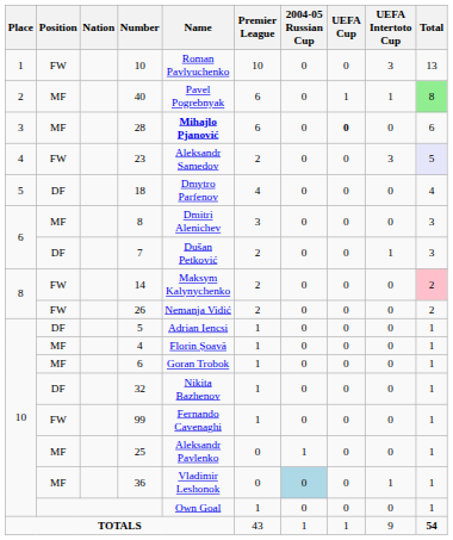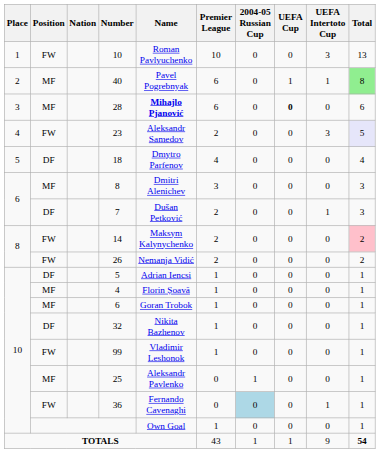 <table class="wikitable" style="font-size: 95%; text-align: center;">
 <tr>
 <th width=60>Place</th>
 <th width=60>Position</th>
 <th width=60>Nation</th>
 <th width=60>Number</th>
 <th width=150>Name</th>
 <th width=150>Premier League</th>
 <th width=150>2004-05 Russian Cup</th>
 <th width=150>UEFA Cup</th>
 <th width=150>UEFA Intertoto Cup</th>
 <th width=80>Total</th>
 </tr>
 <tr>
 <td>1</td>
 <td>FW</td>
 <td></td>
 <td>10</td>
 <td><a href='#'>Roman Pavlyuchenko</a></td>
 <td>10</td>
 <td>0</td>
 <td>0</td>
 <td>3</td>
 <td>13</td>
 </tr>
 <tr>
 <td>2</td>
 <td>MF</td>
 <td></td>
 <td>40</td>
 <td><a href='#'>Pavel Pogrebnyak</a></td>
 <td>6</td>
 <td>0</td>
 <td>1</td>
 <td>1</td>
 <td style="background: lightgreen;">8</td>
 </tr>
 <tr>
 <td>3</td>
 <td>MF</td>
 <td></td>
 <td>28</td>
 <td><strong><a href='#'>Mihajlo Pjanović</a></strong></td>
 <td>6</td>
 <td>0</td>
 <td><strong>0</strong></td>
 <td>0</td>
 <td>6</td>
 </tr>
 <tr>
 <td>4</td>
 <td>FW</td>
 <td></td>
 <td>23</td>
 <td><a href='#'>Aleksandr Samedov</a></td>
 <td>2</td>
 <td>0</td>
 <td>0</td>
 <td>3</td>
 <td style="background: lavender;">5</td>
 </tr>
 <tr>
 <td>5</td>
 <td>DF</td>
 <td></td>
 <td>18</td>
 <td><a href='#'>Dmytro Parfenov</a></td>
 <td>4</td>
 <td>0</td>
 <td>0</td>
 <td>0</td>
 <td>4</td>
 </tr>
 <tr>
 <td rowspan="2">6</td>
 <td>MF</td>
 <td></td>
 <td>8</td>
 <td><a href='#'>Dmitri Alenichev</a></td>
 <td>3</td>
 <td>0</td>
 <td>0</td>
 <td>0</td>
 <td>3</td>
 </tr>
 <tr>
 <td>DF</td>
 <td></td>
 <td>7</td>
 <td><a href='#'>Dušan Petković</a></td>
 <td>2</td>
 <td>0</td>
 <td>0</td>
 <td>1</td>
 <td>3</td>
 </tr>
 <tr>
 <td rowspan="2">8</td>
 <td>FW</td>
 <td></td>
 <td>14</td>
 <td><a href='#'>Maksym Kalynychenko</a></td>
 <td>2</td>
 <td>0</td>
 <td>0</td>
 <td>0</td>
 <td style="background: pink;">2</td>
 </tr>
 <tr>
 <td>FW</td>
 <td></td>
 <td>26</td>
 <td><a href='#'>Nemanja Vidić</a></td>
 <td>2</td>
 <td>0</td>
 <td>0</td>
 <td>0</td>
 <td>2</td>
 </tr>
 <tr>
 <td rowspan="8">10</td>
 <td>DF</td>
 <td></td>
 <td>5</td>
 <td><a href='#'>Adrian Iencsi</a></td>
 <td>1</td>
 <td>0</td>
 <td>0</td>
 <td>0</td>
 <td>1</td>
 </tr>
 <tr>
 <td>MF</td>
 <td></td>
 <td>4</td>
 <td><a href='#'>Florin Șoavă</a></td>
 <td>1</td>
 <td>0</td>
 <td>0</td>
 <td>0</td>
 <td>1</td>
 </tr>
 <tr>
 <td>MF</td>
 <td></td>
 <td>6</td>
 <td><a href='#'>Goran Trobok</a></td>
 <td>1</td>
 <td>0</td>
 <td>0</td>
 <td>0</td>
 <td>1</td>
 </tr>
 <tr>
 <td>DF</td>
 <td></td>
 <td>32</td>
 <td><a href='#'>Nikita Bazhenov</a></td>
 <td>1</td>
 <td>0</td>
 <td>0</td>
 <td>0</td>
 <td>1</td>
 </tr>
 <tr>
 <td>FW</td>
 <td></td>
 <td>99</td>
-<td><a href='#'>Fernando Cavenaghi</a></td>
+<td><a href='#'>Vladimir Leshonok</a></td>
 <td>1</td>
 <td>0</td>
 <td>0</td>
 <td>0</td>
 <td>1</td>
 </tr>
 <tr>
 <td>MF</td>
 <td></td>
 <td>25</td>
 <td><a href='#'>Aleksandr Pavlenko</a></td>
 <td>0</td>
 <td>1</td>
 <td>0</td>
 <td>0</td>
 <td>1</td>
 </tr>
 <tr>
-<td>MF</td>
+<td>FW</td>
 <td></td>
 <td>36</td>
-<td><a href='#'>Vladimir Leshonok</a></td>
+<td><a href='#'>Fernando Cavenaghi</a></td>
 <td>0</td>
 <td style="background: lightblue;">0</td>
 <td>0</td>
 <td>1</td>
 <td>1</td>
 </tr>
 <tr>
 <td colspan="3"></td>
 <td><a href='#'>Own Goal</a></td>
 <td>1</td>
 <td>0</td>
 <td>0</td>
 <td>0</td>
 <td>1</td>
 </tr>
 <tr>
 <td colspan="5"><strong>TOTALS</strong></td>
 <td>43</td>
 <td>1</td>
 <td>1</td>
 <td>9</td>
 <td><strong>54</strong></td>
 </tr>
 </table>
